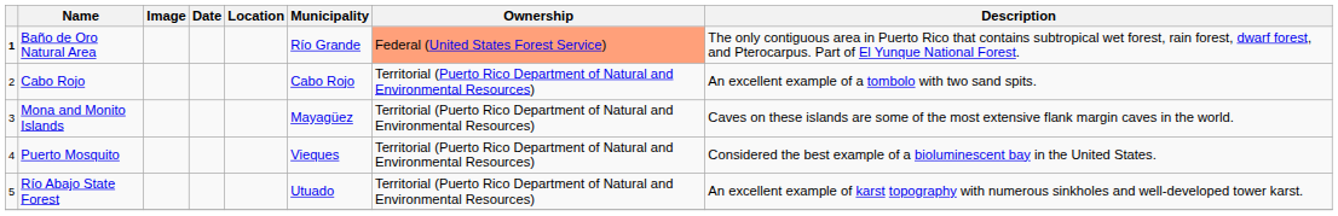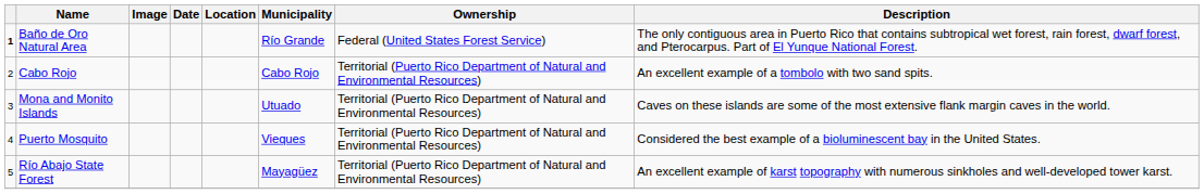 <table class="wikitable sortable" align="center">
 <tr>
 <th style="background-color:"></th>
 <th style="background-color:">Name</th>
 <th style="background-color:">Image</th>
 <th style="background-color:">Date</th>
 <th style="background-color:">Location</th>
 <th style="background-color:">Municipality</th>
 <th style="background-color:">Ownership</th>
 <th style="background-color:">Description</th>
 </tr>
 <tr>
 <td><strong><small>1</small></strong></td>
 <td><a href='#'>Baño de Oro Natural Area</a></td>
 <td></td>
 <td></td>
 <td></td>
 <td><a href='#'>Río Grande</a></td>
-<td style="background: lightsalmon;">Federal (<a href='#'>United States Forest Service</a>)</td>
+<td>Federal (<a href='#'>United States Forest Service</a>)</td>
 <td>The only contiguous area in Puerto Rico that contains subtropical wet forest, rain forest, <a href='#'>dwarf forest</a>, and Pterocarpus. Part of <a href='#'>El Yunque National Forest</a>.</td>
 </tr>
 <tr>
 <td><small>2</small></td>
 <td><a href='#'>Cabo Rojo</a></td>
 <td></td>
 <td></td>
 <td></td>
 <td><a href='#'>Cabo Rojo</a></td>
 <td>Territorial (<a href='#'>Puerto Rico Department of Natural and Environmental Resources</a>)</td>
 <td>An excellent example of a <a href='#'>tombolo</a> with two sand spits.</td>
 </tr>
 <tr>
 <td><small>3</small></td>
 <td><a href='#'>Mona and Monito Islands</a></td>
 <td></td>
 <td></td>
 <td></td>
-<td><a href='#'>Mayagüez</a></td>
+<td><a href='#'>Utuado</a></td>
 <td>Territorial (Puerto Rico Department of Natural and Environmental Resources)</td>
 <td>Caves on these islands are some of the most extensive flank margin caves in the world.</td>
 </tr>
 <tr>
 <td><small>4</small></td>
 <td><a href='#'>Puerto Mosquito</a></td>
 <td></td>
 <td></td>
 <td></td>
 <td><a href='#'>Vieques</a></td>
 <td>Territorial (Puerto Rico Department of Natural and Environmental Resources)</td>
 <td>Considered the best example of a <a href='#'>bioluminescent bay</a> in the United States.</td>
 </tr>
 <tr>
 <td><small>5</small></td>
 <td><a href='#'>Río Abajo State Forest</a></td>
 <td></td>
 <td></td>
 <td></td>
-<td><a href='#'>Utuado</a></td>
+<td><a href='#'>Mayagüez</a></td>
 <td>Territorial (Puerto Rico Department of Natural and Environmental Resources)</td>
 <td>An excellent example of <a href='#'>karst</a> <a href='#'>topography</a> with numerous sinkholes and well-developed tower karst.</td>
 </tr>
 <tr>
 </tr>
 </table>
